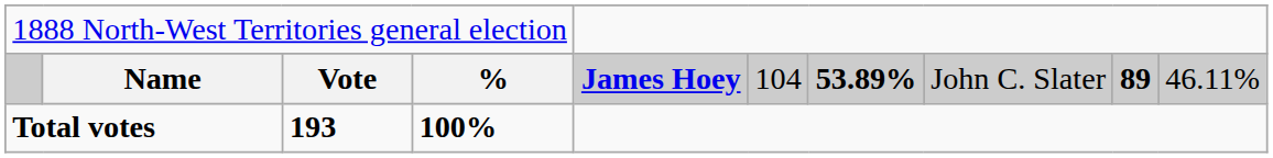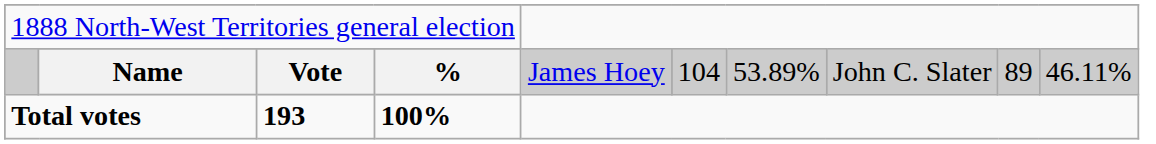 <table class="wikitable">
 <tr>
 <td colspan=4 align=center><a href='#'>1888 North-West Territories general election</a></td>
 </tr>
 <tr bgcolor="CCCCCC">
 <td></td>
 <th>Name</th>
 <th>Vote</th>
 <th>%<br></th>
-<td><strong><a href='#'>James Hoey</a></strong></td>
+<td><a href='#'>James Hoey</a></td>
 <td>104</td>
-<td><strong>53.89%<br></strong></td>
+<td>53.89%<br></td>
 <td>John C. Slater</td>
-<td><strong>89</strong></td>
+<td>89</td>
 <td>46.11%</td>
 </tr>
 <tr>
 <td colspan=2><strong>Total votes</strong></td>
 <td><strong>193</strong></td>
 <td alignment="left"><strong>100%</strong></td>
 </tr>
 </table>
